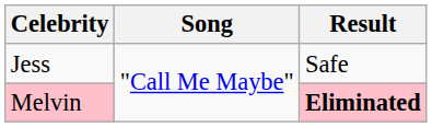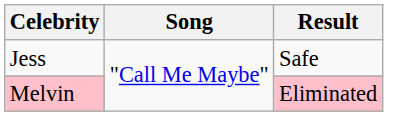 <table class="wikitable sortable collapsed">
 <tr>
 <th>Celebrity</th>
 <th>Song</th>
 <th>Result</th>
 </tr>
 <tr>
 <td>Jess</td>
 <td rowspan=2>"<a href='#'>Call Me Maybe</a>"</td>
 <td>Safe</td>
 </tr>
 <tr style="background:pink;">
 <td>Melvin</td>
-<td><strong>Eliminated</strong></td>
+<td>Eliminated</td>
 </tr>
 </table>
